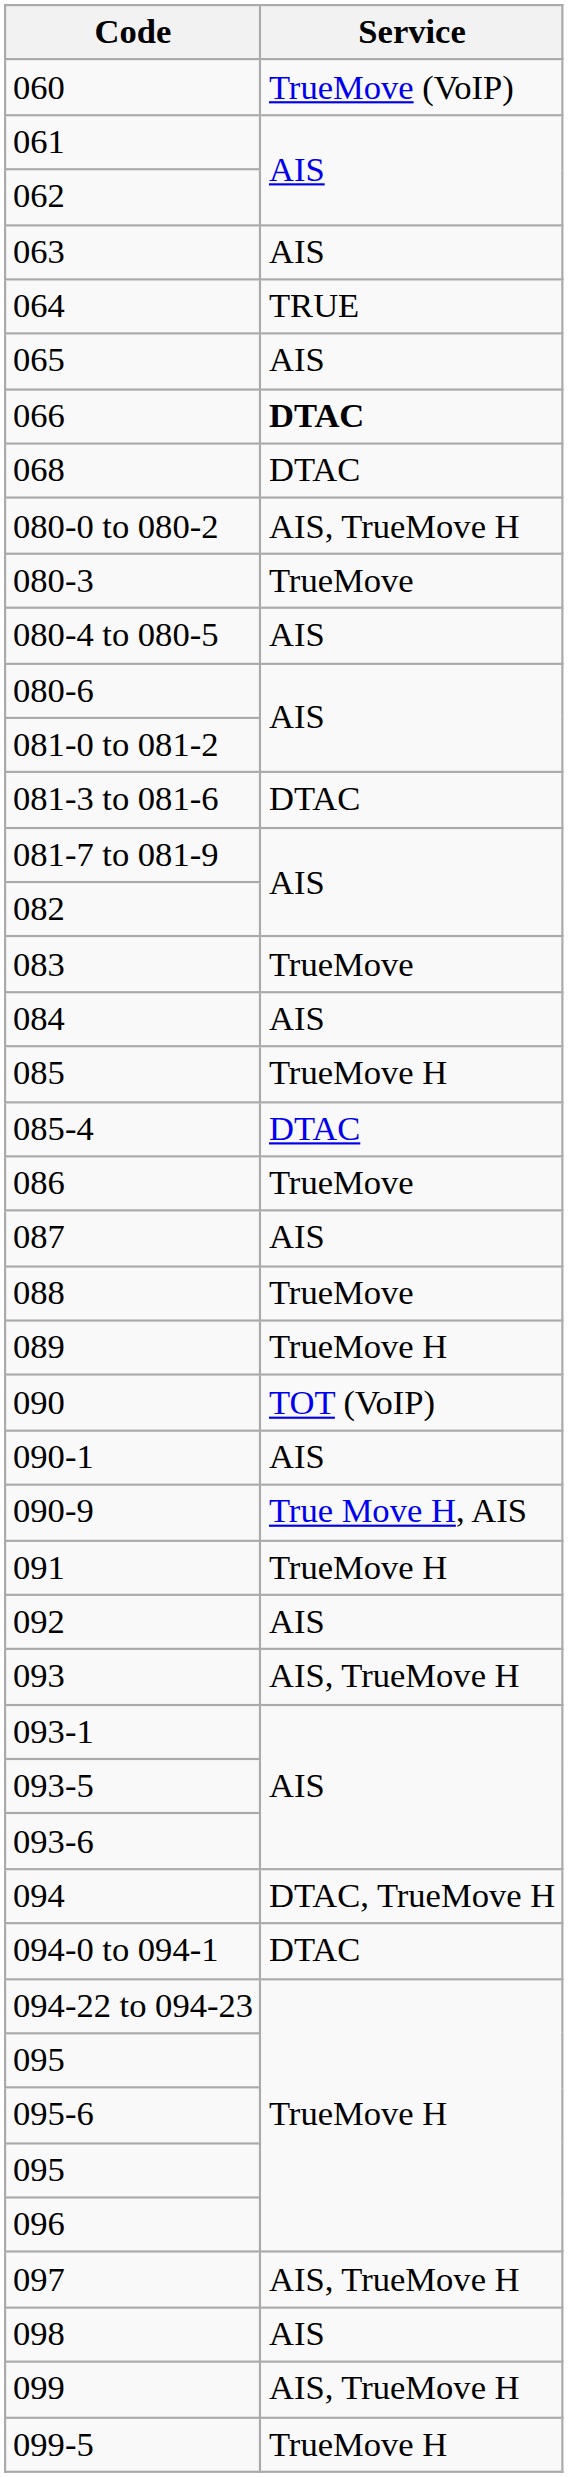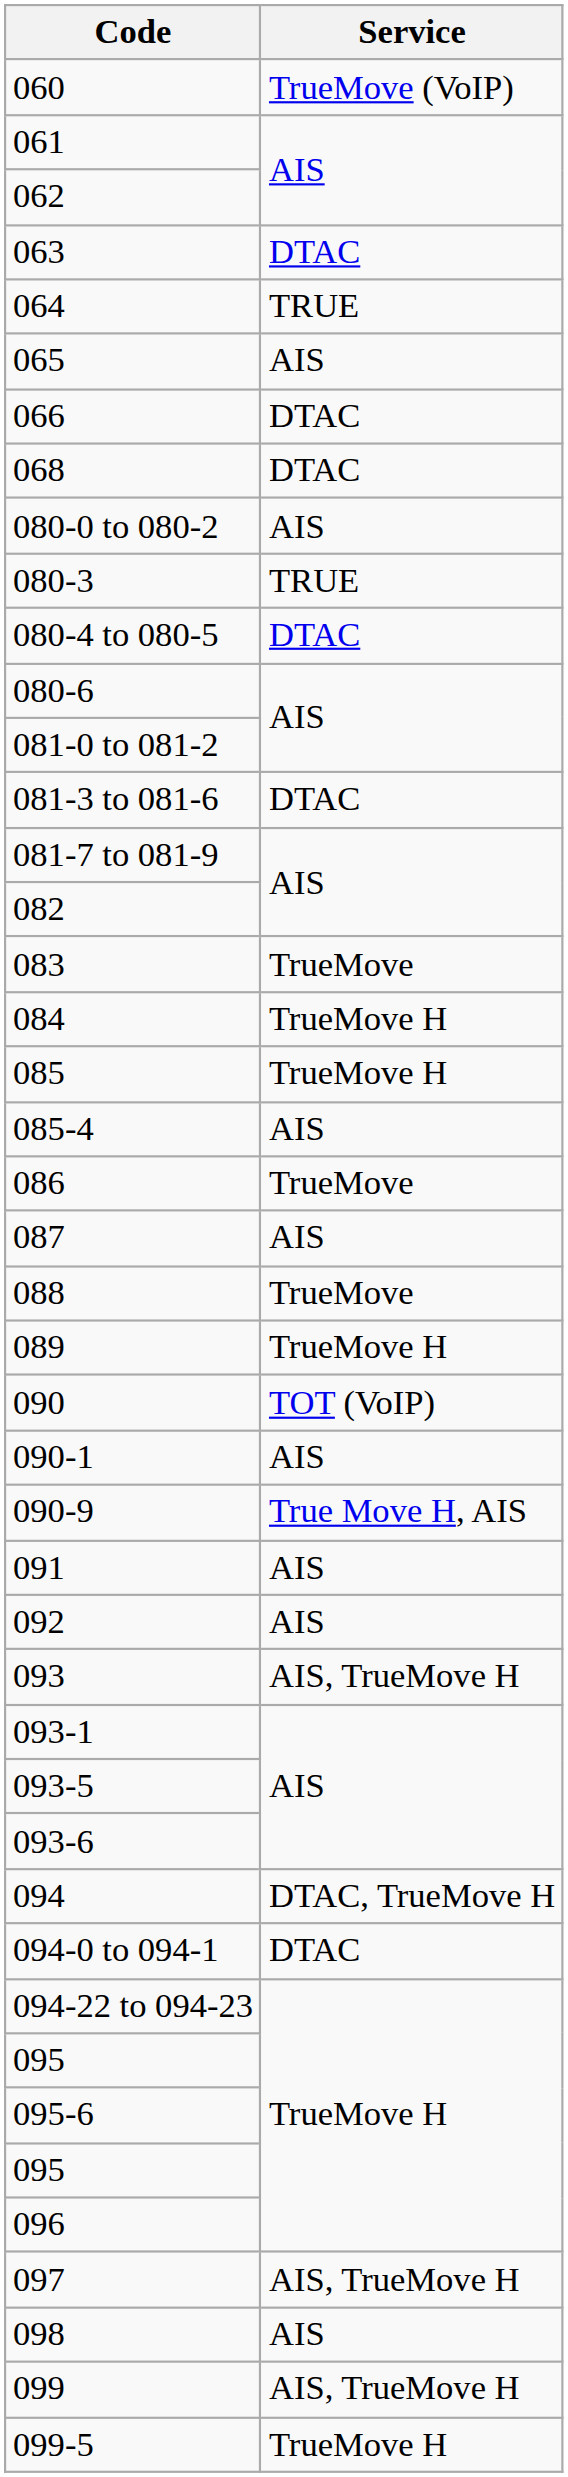 <table class="wikitable">
 <tr>
 <th>Code</th>
 <th>Service</th>
 </tr>
 <tr>
 <td>060</td>
 <td><a href='#'>TrueMove</a> (VoIP)</td>
 </tr>
 <tr>
 <td>061</td>
 <td rowspan="2"><a href='#'>AIS</a></td>
 </tr>
 <tr>
 <td>062</td>
 </tr>
 <tr>
 <td>063</td>
-<td>AIS</td>
+<td><a href='#'>DTAC</a></td>
 </tr>
 <tr>
 <td>064</td>
 <td>TRUE</td>
 </tr>
 <tr>
 <td>065</td>
 <td>AIS</td>
 </tr>
 <tr>
 <td>066</td>
-<td><strong>DTAC</strong></td>
+<td>DTAC</td>
 </tr>
 <tr>
 <td>068</td>
 <td>DTAC</td>
 </tr>
 <tr>
 <td>080-0 to 080-2</td>
-<td>AIS, TrueMove H</td>
+<td>AIS</td>
 </tr>
 <tr>
 <td>080-3</td>
-<td>TrueMove</td>
+<td>TRUE</td>
 </tr>
 <tr>
 <td>080-4 to 080-5</td>
-<td>AIS</td>
+<td><a href='#'>DTAC</a></td>
 </tr>
 <tr>
 <td>080-6</td>
 <td rowspan="2">AIS</td>
 </tr>
 <tr>
 <td>081-0 to 081-2</td>
 </tr>
 <tr>
 <td>081-3 to 081-6</td>
 <td>DTAC</td>
 </tr>
 <tr>
 <td>081-7 to 081-9</td>
 <td rowspan="2">AIS</td>
 </tr>
 <tr>
 <td>082</td>
 </tr>
 <tr>
 <td>083</td>
 <td>TrueMove</td>
 </tr>
 <tr>
 <td>084</td>
-<td>AIS</td>
+<td>TrueMove H</td>
 </tr>
 <tr>
 <td>085</td>
 <td>TrueMove H</td>
 </tr>
 <tr>
 <td>085-4</td>
-<td><a href='#'>DTAC</a></td>
+<td>AIS</td>
 </tr>
 <tr>
 <td>086</td>
 <td>TrueMove</td>
 </tr>
 <tr>
 <td>087</td>
 <td>AIS</td>
 </tr>
 <tr>
 <td>088</td>
 <td>TrueMove</td>
 </tr>
 <tr>
 <td>089</td>
 <td>TrueMove H</td>
 </tr>
 <tr>
 <td>090</td>
 <td><a href='#'>TOT</a> (VoIP)</td>
 </tr>
 <tr>
 <td>090-1</td>
 <td>AIS</td>
 </tr>
 <tr>
 <td>090-9</td>
 <td><a href='#'>True Move H</a>, AIS</td>
 </tr>
 <tr>
 <td>091</td>
-<td>TrueMove H</td>
+<td>AIS</td>
 </tr>
 <tr>
 <td>092</td>
 <td>AIS</td>
 </tr>
 <tr>
 <td>093</td>
 <td>AIS, TrueMove H</td>
 </tr>
 <tr>
 <td>093-1</td>
 <td rowspan="3">AIS</td>
 </tr>
 <tr>
 <td>093-5</td>
 </tr>
 <tr>
 <td>093-6</td>
 </tr>
 <tr>
 <td>094</td>
 <td>DTAC, TrueMove H</td>
 </tr>
 <tr>
 <td>094-0 to 094-1</td>
 <td>DTAC</td>
 </tr>
 <tr>
 <td>094-22 to 094-23</td>
 <td rowspan="5">TrueMove H</td>
 </tr>
 <tr>
 <td>095</td>
 </tr>
 <tr>
 <td>095-6</td>
 </tr>
 <tr>
 <td>095</td>
 </tr>
 <tr>
 <td>096</td>
 </tr>
 <tr>
 <td>097</td>
 <td>AIS, TrueMove H</td>
 </tr>
 <tr>
 <td>098</td>
 <td>AIS</td>
 </tr>
 <tr>
 <td>099</td>
 <td>AIS, TrueMove H</td>
 </tr>
 <tr>
 <td>099-5</td>
 <td>TrueMove H</td>
 </tr>
 </table>
